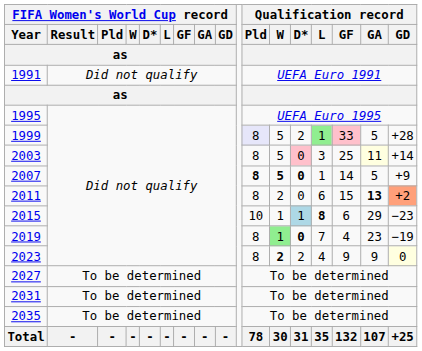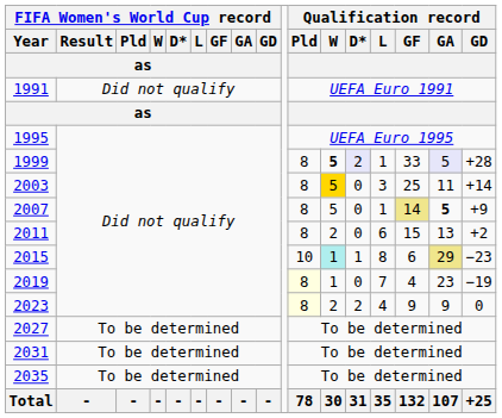 <table class="wikitable" style="text-align: center;">
 <tr>
 <th colspan=9><a href='#'>FIFA Women's World Cup</a> record</th>
 <td rowspan=100></td>
 <th colspan=7>Qualification record</th>
 </tr>
 <tr>
 <th>Year</th>
 <th>Result</th>
 <th>Pld</th>
 <th>W</th>
 <th>D*</th>
 <th>L</th>
 <th>GF</th>
 <th>GA</th>
 <th>GD<br></th>
 <th>Pld</th>
 <th>W</th>
 <th>D*</th>
 <th>L</th>
 <th>GF</th>
 <th>GA</th>
 <th>GD</th>
 </tr>
 <tr>
 <th colspan=9>as </th>
 <th colspan=7></th>
 </tr>
 <tr>
 <td> <a href='#'>1991</a></td>
 <td colspan=8><em>Did not qualify</em></td>
 <td colspan=7><em><a href='#'>UEFA Euro 1991</a></em></td>
 </tr>
 <tr>
 <th colspan=9>as </th>
 <th colspan=7></th>
 </tr>
 <tr>
 <td> <a href='#'>1995</a></td>
 <td colspan=8 rowspan=8><em>Did not qualify</em></td>
 <td colspan=7><em><a href='#'>UEFA Euro 1995</a></em></td>
 </tr>
 <tr>
 <td> <a href='#'>1999</a></td>
-<td style="background: lavender;">8</td>
-<td>5</td>
-<td>2</td>
-<td style="background: lightgreen;">1</td>
-<td style="background: pink;">33</td>
-<td>5</td>
+<td>8</td>
+<td><strong>5</strong></td>
+<td style="background: lavender;">2</td>
+<td>1</td>
+<td>33</td>
+<td style="background: lavender;">5</td>
 <td>+28</td>
 </tr>
 <tr>
 <td> <a href='#'>2003</a></td>
 <td>8</td>
-<td>5</td>
-<td style="background: pink;">0</td>
+<td style="background: gold;">5</td>
+<td>0</td>
 <td>3</td>
 <td>25</td>
-<td style="background: lightyellow;">11</td>
+<td>11</td>
 <td>+14</td>
 </tr>
 <tr>
 <td> <a href='#'>2007</a></td>
-<td><strong>8</strong></td>
+<td>8</td>
+<td>5</td>
+<td>0</td>
+<td>1</td>
+<td style="background: khaki;">14</td>
 <td><strong>5</strong></td>
-<td><strong>0</strong></td>
-<td>1</td>
-<td>14</td>
-<td>5</td>
 <td>+9</td>
 </tr>
 <tr>
 <td> <a href='#'>2011</a></td>
 <td>8</td>
 <td>2</td>
 <td>0</td>
 <td>6</td>
 <td>15</td>
-<td><strong>13</strong></td>
-<td style="background: lightsalmon;">+2</td>
+<td>13</td>
+<td>+2</td>
 </tr>
 <tr>
 <td> <a href='#'>2015</a></td>
 <td>10</td>
+<td style="background: paleturquoise;">1</td>
 <td>1</td>
-<td style="background: lightblue;">1</td>
-<td><strong>8</strong></td>
+<td>8</td>
 <td>6</td>
-<td>29</td>
+<td style="background: khaki;">29</td>
 <td>−23</td>
 </tr>
 <tr>
 <td> <a href='#'>2019</a></td>
-<td>8</td>
-<td style="background: lightgreen;">1</td>
-<td><strong>0</strong></td>
+<td style="background: lightyellow;">8</td>
+<td>1</td>
+<td>0</td>
 <td>7</td>
 <td>4</td>
 <td>23</td>
 <td>−19</td>
 </tr>
 <tr>
 <td> <a href='#'>2023</a></td>
-<td>8</td>
-<td><strong>2</strong></td>
+<td style="background: lightyellow;">8</td>
+<td>2</td>
 <td>2</td>
 <td>4</td>
 <td>9</td>
 <td>9</td>
-<td style="background: lightyellow;">0</td>
+<td>0</td>
 </tr>
 <tr>
 <td> <a href='#'>2027</a></td>
 <td colspan="8">To be determined</td>
 <td colspan="7">To be determined</td>
 </tr>
 <tr>
 <td> <a href='#'>2031</a></td>
 <td colspan="8">To be determined</td>
 <td colspan="7">To be determined</td>
 </tr>
 <tr>
 <td> <a href='#'>2035</a></td>
 <td colspan="8">To be determined</td>
 <td colspan="7">To be determined</td>
 </tr>
 <tr>
 <th>Total</th>
 <th>-</th>
 <th>-</th>
 <th>-</th>
 <th>-</th>
 <th>-</th>
 <th>-</th>
 <th>-</th>
 <th>-</th>
 <th>78</th>
 <th>30</th>
 <th>31</th>
 <th>35</th>
 <th>132</th>
 <th>107</th>
 <th>+25</th>
 </tr>
 </table>
